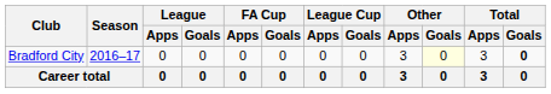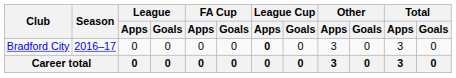 <table class="wikitable" style="text-align: center;">
 <tr>
 <th rowspan="2">Club</th>
 <th rowspan="2">Season</th>
 <th colspan="2">League</th>
 <th colspan="2">FA Cup</th>
 <th colspan="2">League Cup</th>
 <th colspan="2">Other</th>
 <th colspan="2">Total</th>
 </tr>
 <tr>
 <th>Apps</th>
 <th>Goals</th>
 <th>Apps</th>
 <th>Goals</th>
 <th>Apps</th>
 <th>Goals</th>
 <th>Apps</th>
 <th>Goals</th>
 <th>Apps</th>
 <th>Goals</th>
 </tr>
 <tr>
 <td rowspan="1" valign="center"><a href='#'>Bradford City</a></td>
 <td><a href='#'>2016–17</a></td>
 <td>0</td>
 <td>0</td>
 <td>0</td>
 <td>0</td>
-<td>0</td>
+<td><strong>0</strong></td>
 <td>0</td>
 <td>3</td>
-<td style="background: lightyellow;">0</td>
+<td>0</td>
 <td>3</td>
-<td><strong>0</strong></td>
+<td>0</td>
 </tr>
 <tr>
 <th colspan="2">Career total</th>
 <th>0</th>
 <th>0</th>
 <th>0</th>
 <th>0</th>
 <th>0</th>
 <th>0</th>
 <th>3</th>
 <th>0</th>
 <th>3</th>
 <th>0</th>
 </tr>
 </table>
